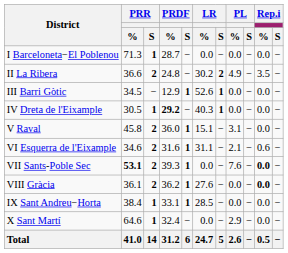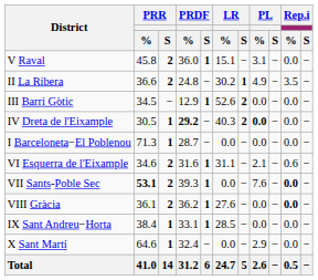 <table class='wikitable sortable' style='text-align:right; font-size:95%; line-height:20px;'>
 <tr>
 <th rowspan='3'>District</th>
 <th colspan='2' width='30px'><a href='#'>PRR</a></th>
 <th colspan='2' width='30px'><a href='#'>PRDF</a></th>
 <th colspan='2' width='30px'><a href='#'>LR</a></th>
 <th colspan='2' width='30px'><a href='#'>PL</a></th>
 <th colspan='2' width='30px'><a href='#'>Rep.i</a></th>
 </tr>
 <tr>
 <th colspan='2' style='background:'></th>
 <th colspan='2' style='background:'></th>
 <th colspan='2' style='background:'></th>
 <th colspan='2' style='background:'></th>
 <th colspan='2' style='background:#9C1F6E'></th>
 </tr>
 <tr>
 <th data-sort-type='number'>%</th>
 <th data-sort-type='number'>S</th>
 <th data-sort-type='number'>%</th>
 <th data-sort-type='number'>S</th>
 <th data-sort-type='number'>%</th>
 <th data-sort-type='number'>S</th>
 <th data-sort-type='number'>%</th>
 <th data-sort-type='number'>S</th>
 <th data-sort-type='number'>%</th>
 <th data-sort-type='number'>S</th>
 </tr>
 <tr>
-<td style='text-align: left;'>I <a href='#'>Barceloneta</a>−<a href='#'>El Poblenou</a></td>
-<td style='text-align: right;'>71.3</td>
+<td style='text-align: left;'>V <a href='#'>Raval</a></td>
+<td style='text-align: right;'>45.8</td>
+<td style='text-align: right;'><strong>2</strong></td>
+<td style='text-align: right;'>36.0</td>
 <td style='text-align: right;'><strong>1</strong></td>
-<td style='text-align: right;'>28.7</td>
+<td style='text-align: right;'>15.1</td>
 <td style='text-align: right;'>−</td>
-<td style='text-align: right;'>0.0</td>
-<td style='text-align: right;'>−</td>
-<td style='text-align: right;'>0.0</td>
+<td style='text-align: right;'>3.1</td>
 <td style='text-align: right;'>−</td>
 <td style='text-align: right;'>0.0</td>
 <td style='text-align: right;'>−</td>
 </tr>
 <tr>
 <td style='text-align: left;'>II <a href='#'>La Ribera</a></td>
 <td style='text-align: right;'>36.6</td>
 <td style='text-align: right;'><strong>2</strong></td>
 <td style='text-align: right;'>24.8</td>
 <td style='text-align: right;'>−</td>
 <td style='text-align: right;'>30.2</td>
-<td style='text-align: right;'><strong>2</strong></td>
+<td style='text-align: right;'><strong>1</strong></td>
 <td style='text-align: right;'>4.9</td>
 <td style='text-align: right;'>−</td>
 <td style='text-align: right;'>3.5</td>
 <td style='text-align: right;'>−</td>
 </tr>
 <tr>
 <td style='text-align: left;'>III <a href='#'>Barri Gòtic</a></td>
 <td style='text-align: right;'>34.5</td>
 <td style='text-align: right;'>−</td>
 <td style='text-align: right;'>12.9</td>
 <td style='text-align: right;'><strong>1</strong></td>
 <td style='text-align: right;'>52.6</td>
-<td style='text-align: right;'><strong>1</strong></td>
+<td style='text-align: right;'><strong>2</strong></td>
 <td style='text-align: right;'>0.0</td>
 <td style='text-align: right;'>−</td>
 <td style='text-align: right;'>0.0</td>
 <td style='text-align: right;'>−</td>
 </tr>
 <tr>
 <td style='text-align: left;'>IV <a href='#'>Dreta de l'Eixample</a></td>
 <td style='text-align: right;'>30.5</td>
 <td style='text-align: right;'><strong>1</strong></td>
 <td style='text-align: right;'><strong>29.2</strong></td>
 <td style='text-align: right;'>−</td>
 <td style='text-align: right;'>40.3</td>
-<td style='text-align: right;'><strong>1</strong></td>
-<td style='text-align: right;'>0.0</td>
+<td style='text-align: right;'><strong>2</strong></td>
+<td style='text-align: right;'><strong>0.0</strong></td>
 <td style='text-align: right;'>−</td>
 <td style='text-align: right;'>0.0</td>
 <td style='text-align: right;'>−</td>
 </tr>
 <tr>
-<td style='text-align: left;'>V <a href='#'>Raval</a></td>
-<td style='text-align: right;'>45.8</td>
-<td style='text-align: right;'><strong>2</strong></td>
-<td style='text-align: right;'>36.0</td>
+<td style='text-align: left;'>I <a href='#'>Barceloneta</a>−<a href='#'>El Poblenou</a></td>
+<td style='text-align: right;'>71.3</td>
 <td style='text-align: right;'><strong>1</strong></td>
-<td style='text-align: right;'>15.1</td>
+<td style='text-align: right;'>28.7</td>
 <td style='text-align: right;'>−</td>
-<td style='text-align: right;'>3.1</td>
+<td style='text-align: right;'>0.0</td>
+<td style='text-align: right;'>−</td>
+<td style='text-align: right;'>0.0</td>
 <td style='text-align: right;'>−</td>
 <td style='text-align: right;'>0.0</td>
 <td style='text-align: right;'>−</td>
 </tr>
 <tr>
 <td style='text-align: left;'>VI <a href='#'>Esquerra de l'Eixample</a></td>
 <td style='text-align: right;'>34.6</td>
 <td style='text-align: right;'><strong>2</strong></td>
 <td style='text-align: right;'>31.6</td>
 <td style='text-align: right;'><strong>1</strong></td>
 <td style='text-align: right;'>31.1</td>
 <td style='text-align: right;'>−</td>
 <td style='text-align: right;'>2.1</td>
 <td style='text-align: right;'>−</td>
 <td style='text-align: right;'>0.6</td>
 <td style='text-align: right;'>−</td>
 </tr>
 <tr>
 <td style='text-align: left;'>VII <a href='#'>Sants</a>-<a href='#'>Poble Sec</a></td>
 <td style='text-align: right;'><strong>53.1</strong></td>
 <td style='text-align: right;'><strong>2</strong></td>
 <td style='text-align: right;'>39.3</td>
 <td style='text-align: right;'><strong>1</strong></td>
 <td style='text-align: right;'>0.0</td>
 <td style='text-align: right;'>−</td>
 <td style='text-align: right;'>7.6</td>
 <td style='text-align: right;'>−</td>
 <td style='text-align: right;'><strong>0.0</strong></td>
 <td style='text-align: right;'>−</td>
 </tr>
 <tr>
 <td style='text-align: left;'>VIII <a href='#'>Gràcia</a></td>
 <td style='text-align: right;'>36.1</td>
 <td style='text-align: right;'><strong>2</strong></td>
 <td style='text-align: right;'>36.2</td>
 <td style='text-align: right;'><strong>1</strong></td>
 <td style='text-align: right;'>27.6</td>
 <td style='text-align: right;'>−</td>
 <td style='text-align: right;'>0.0</td>
 <td style='text-align: right;'>−</td>
 <td style='text-align: right;'><strong>0.0</strong></td>
 <td style='text-align: right;'>−</td>
 </tr>
 <tr>
 <td style='text-align: left;'>IX <a href='#'>Sant Andreu</a>−<a href='#'>Horta</a></td>
 <td style='text-align: right;'>38.4</td>
 <td style='text-align: right;'><strong>1</strong></td>
 <td style='text-align: right;'>33.1</td>
 <td style='text-align: right;'><strong>1</strong></td>
 <td style='text-align: right;'>28.5</td>
 <td style='text-align: right;'>−</td>
 <td style='text-align: right;'>0.0</td>
 <td style='text-align: right;'>−</td>
 <td style='text-align: right;'>0.0</td>
 <td style='text-align: right;'>−</td>
 </tr>
 <tr>
 <td style='text-align: left;'>X <a href='#'>Sant Martí</a></td>
 <td style='text-align: right;'>64.6</td>
 <td style='text-align: right;'><strong>1</strong></td>
 <td style='text-align: right;'>32.4</td>
 <td style='text-align: right;'>−</td>
 <td style='text-align: right;'>0.0</td>
 <td style='text-align: right;'>−</td>
 <td style='text-align: right;'>2.9</td>
 <td style='text-align: right;'>−</td>
 <td style='text-align: right;'>0.0</td>
 <td style='text-align: right;'>−</td>
 </tr>
 <tr>
 <th style='text-align: left;'>Total</th>
 <th style='text-align: right;'>41.0</th>
 <th style='text-align: right;'><strong>14</strong></th>
 <th style='text-align: right;'>31.2</th>
 <th style='text-align: right;'><strong>6</strong></th>
 <th style='text-align: right;'>24.7</th>
 <th style='text-align: right;'><strong>5</strong></th>
 <th style='text-align: right;'>2.6</th>
 <th style='text-align: right;'>−</th>
 <th style='text-align: right;'>0.5</th>
 <th style='text-align: right;'>−</th>
 </tr>
 </table>
